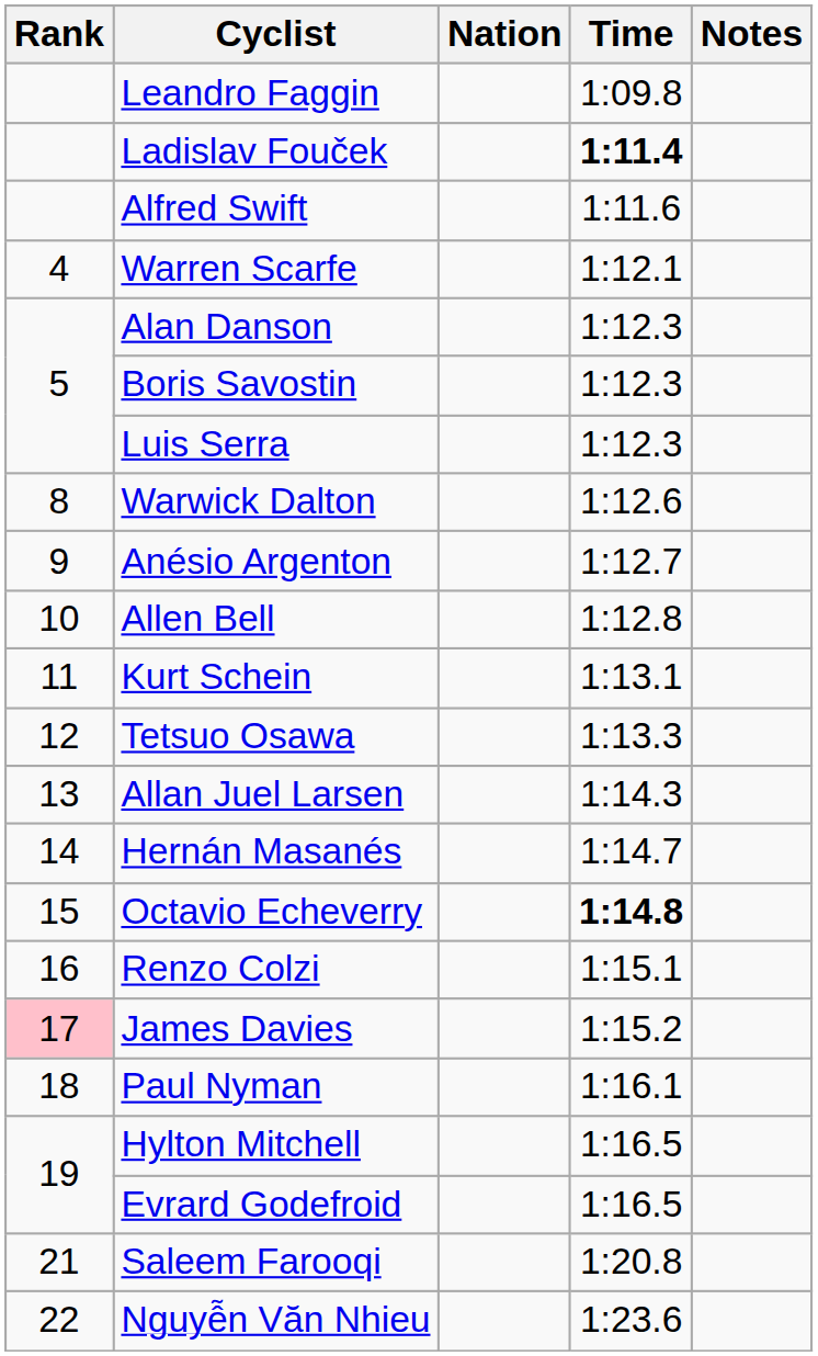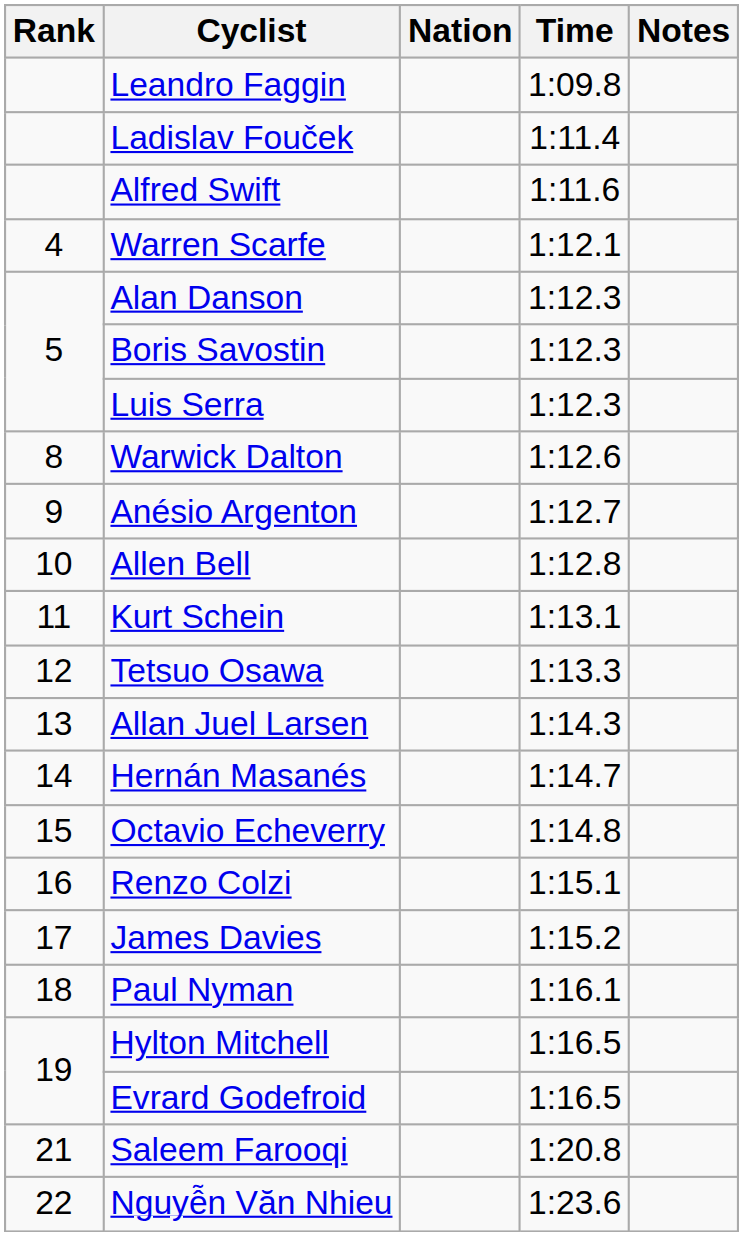 <table class="wikitable sortable" style="text-align:center">
 <tr>
 <th>Rank</th>
 <th>Cyclist</th>
 <th>Nation</th>
 <th>Time</th>
 <th>Notes</th>
 </tr>
 <tr>
 <td></td>
 <td align=left><a href='#'>Leandro Faggin</a></td>
 <td align=left></td>
 <td>1:09.8</td>
 <td></td>
 </tr>
 <tr>
 <td></td>
 <td align=left><a href='#'>Ladislav Fouček</a></td>
 <td align=left></td>
-<td><strong>1:11.4</strong></td>
+<td>1:11.4</td>
 <td></td>
 </tr>
 <tr>
 <td></td>
 <td align=left><a href='#'>Alfred Swift</a></td>
 <td align=left></td>
 <td>1:11.6</td>
 <td></td>
 </tr>
 <tr>
 <td>4</td>
 <td align=left><a href='#'>Warren Scarfe</a></td>
 <td align=left></td>
 <td>1:12.1</td>
 <td></td>
 </tr>
 <tr>
 <td rowspan=3>5</td>
 <td align=left><a href='#'>Alan Danson</a></td>
 <td align=left></td>
 <td>1:12.3</td>
 <td></td>
 </tr>
 <tr>
 <td align=left><a href='#'>Boris Savostin</a></td>
 <td align=left></td>
 <td>1:12.3</td>
 <td></td>
 </tr>
 <tr>
 <td align=left><a href='#'>Luis Serra</a></td>
 <td align=left></td>
 <td>1:12.3</td>
 <td></td>
 </tr>
 <tr>
 <td>8</td>
 <td align=left><a href='#'>Warwick Dalton</a></td>
 <td align=left></td>
 <td>1:12.6</td>
 <td></td>
 </tr>
 <tr>
 <td>9</td>
 <td align=left><a href='#'>Anésio Argenton</a></td>
 <td align=left></td>
 <td>1:12.7</td>
 <td></td>
 </tr>
 <tr>
 <td>10</td>
 <td align=left><a href='#'>Allen Bell</a></td>
 <td align=left></td>
 <td>1:12.8</td>
 <td></td>
 </tr>
 <tr>
 <td>11</td>
 <td align=left><a href='#'>Kurt Schein</a></td>
 <td align=left></td>
 <td>1:13.1</td>
 <td></td>
 </tr>
 <tr>
 <td>12</td>
 <td align=left><a href='#'>Tetsuo Osawa</a></td>
 <td align=left></td>
 <td>1:13.3</td>
 <td></td>
 </tr>
 <tr>
 <td>13</td>
 <td align=left><a href='#'>Allan Juel Larsen</a></td>
 <td align=left></td>
 <td>1:14.3</td>
 <td></td>
 </tr>
 <tr>
 <td>14</td>
 <td align=left><a href='#'>Hernán Masanés</a></td>
 <td align=left></td>
 <td>1:14.7</td>
 <td></td>
 </tr>
 <tr>
 <td>15</td>
 <td align=left><a href='#'>Octavio Echeverry</a></td>
 <td align=left></td>
-<td><strong>1:14.8</strong></td>
+<td>1:14.8</td>
 <td></td>
 </tr>
 <tr>
 <td>16</td>
 <td align=left><a href='#'>Renzo Colzi</a></td>
 <td align=left></td>
 <td>1:15.1</td>
 <td></td>
 </tr>
 <tr>
-<td style="background: pink;">17</td>
+<td>17</td>
 <td align=left><a href='#'>James Davies</a></td>
 <td align=left></td>
 <td>1:15.2</td>
 <td></td>
 </tr>
 <tr>
 <td>18</td>
 <td align=left><a href='#'>Paul Nyman</a></td>
 <td align=left></td>
 <td>1:16.1</td>
 <td></td>
 </tr>
 <tr>
 <td rowspan=2>19</td>
 <td align=left><a href='#'>Hylton Mitchell</a></td>
 <td align=left></td>
 <td>1:16.5</td>
 <td></td>
 </tr>
 <tr>
 <td align=left><a href='#'>Evrard Godefroid</a></td>
 <td align=left></td>
 <td>1:16.5</td>
 <td></td>
 </tr>
 <tr>
 <td>21</td>
 <td align=left><a href='#'>Saleem Farooqi</a></td>
 <td align=left></td>
 <td>1:20.8</td>
 <td></td>
 </tr>
 <tr>
 <td>22</td>
 <td align=left><a href='#'>Nguyễn Văn Nhieu</a></td>
 <td align=left></td>
 <td>1:23.6</td>
 <td></td>
 </tr>
 </table>
